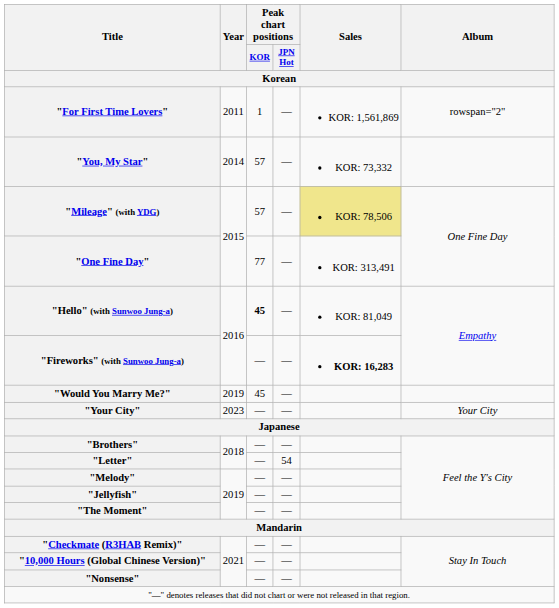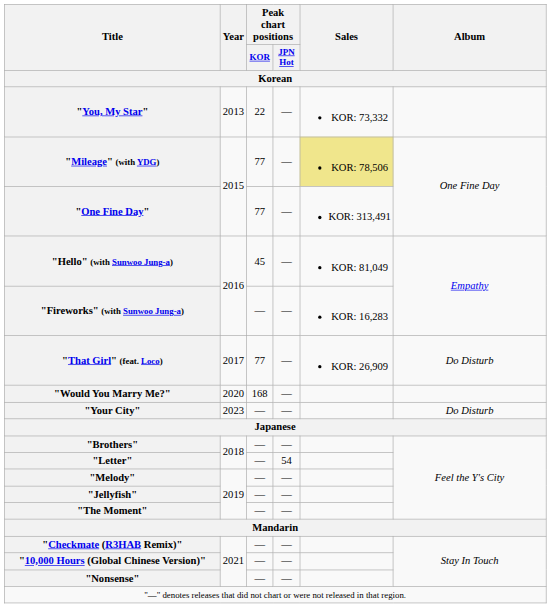 <table class="wikitable plainrowheaders" style="text-align:center;">
 <tr>
 <th rowspan="2" style="width:20em;">Title</th>
 <th rowspan="2">Year</th>
 <th colspan="2">Peak chart positions</th>
 <th rowspan="2">Sales</th>
 <th rowspan="2" style="width:14em;">Album</th>
 </tr>
 <tr>
 <th scope="col" style="width:2.5em;font-size:85%;"><a href='#'>KOR</a><br></th>
 <th scope="col" style="width:2.5em;font-size:85%;"><a href='#'>JPN<br>Hot</a><br></th>
 </tr>
 <tr>
 <th colspan="6">Korean</th>
 </tr>
 <tr>
-<th scope="row">"<a href='#'>For First Time Lovers</a>"</th>
-<td>2011</td>
-<td>1</td>
-<td>—</td>
-<td><br><ul><li>KOR: 1,561,869</li></ul></td>
-<td>rowspan="2" </td>
-</tr>
-<tr>
 <th scope="row">"<a href='#'>You, My Star</a>"</th>
-<td>2014</td>
-<td>57</td>
+<td>2013</td>
+<td>22</td>
 <td>—</td>
 <td><br><ul><li>KOR: 73,332</li></ul></td>
 </tr>
 <tr>
 <th scope="row">"<a href='#'>Mileage</a>" <small>(with <a href='#'>YDG</a>)</small></th>
 <td rowspan="2">2015</td>
-<td>57</td>
+<td>77</td>
 <td>—</td>
 <td style="background: khaki;"><br><ul><li>KOR: 78,506</li></ul></td>
 <td rowspan="2"><em>One Fine Day</em></td>
 </tr>
 <tr>
 <th scope="row">"<a href='#'>One Fine Day</a>"</th>
 <td>77</td>
 <td>—</td>
 <td><br><ul><li>KOR: 313,491</li></ul></td>
 </tr>
 <tr>
 <th scope="row">"Hello" <small>(with <a href='#'>Sunwoo Jung-a</a>)</small></th>
 <td rowspan="2">2016</td>
-<td><strong>45</strong></td>
+<td>45</td>
 <td>—</td>
 <td><br><ul><li>KOR: 81,049</li></ul></td>
 <td rowspan="2"><em><a href='#'>Empathy</a></em></td>
 </tr>
 <tr>
 <th scope="row">"Fireworks" <small>(with <a href='#'>Sunwoo Jung-a</a>)</small></th>
 <td>—</td>
 <td>—</td>
-<td><strong><br><ul><li>KOR: 16,283</li></ul></strong></td>
+<td><br><ul><li>KOR: 16,283</li></ul></td>
+</tr>
+<tr>
+<th scope="row">"<a href='#'>That Girl</a>" <small>(feat. <a href='#'>Loco</a>)</small></th>
+<td>2017</td>
+<td>77</td>
+<td>—</td>
+<td><br><ul><li>KOR: 26,909</li></ul></td>
+<td><em>Do Disturb</em></td>
 </tr>
 <tr>
 <th scope="row">"Would You Marry Me?" </th>
-<td>2019</td>
-<td>45</td>
+<td>2020</td>
+<td>168</td>
 <td>—</td>
 <td></td>
 <td></td>
 </tr>
 <tr>
 <th scope="row">"Your City"</th>
 <td>2023</td>
 <td>—</td>
 <td>—</td>
 <td></td>
-<td><em>Your City</em></td>
+<td><em>Do Disturb</em></td>
 </tr>
 <tr>
 <th colspan="6">Japanese</th>
 </tr>
 <tr>
 <th scope="row">"Brothers"</th>
 <td rowspan="2">2018</td>
 <td>—</td>
 <td>—</td>
 <td></td>
 <td rowspan="5"><em>Feel the Y's City</em></td>
 </tr>
 <tr>
 <th scope="row">"Letter"</th>
 <td>—</td>
 <td>54</td>
 <td></td>
 </tr>
 <tr>
 <th scope="row">"Melody"</th>
 <td rowspan="3">2019</td>
 <td>—</td>
 <td>—</td>
 <td></td>
 </tr>
 <tr>
 <th scope="row">"Jellyfish"</th>
 <td>—</td>
 <td>—</td>
 <td></td>
 </tr>
 <tr>
 <th scope="row">"The Moment"</th>
 <td>—</td>
 <td>—</td>
 <td></td>
 </tr>
 <tr>
 <th colspan="6">Mandarin</th>
 </tr>
 <tr>
 <th scope="row">"<a href='#'>Checkmate</a> (<a href='#'>R3HAB</a> Remix)" </th>
 <td rowspan="3">2021</td>
 <td>—</td>
 <td>—</td>
 <td></td>
 <td rowspan="3"><em>Stay In Touch</em></td>
 </tr>
 <tr>
 <th scope="row">"<a href='#'>10,000 Hours</a> (Global Chinese Version)"</th>
 <td>—</td>
 <td>—</td>
 <td></td>
 </tr>
 <tr>
 <th scope="row">"Nonsense" </th>
 <td>—</td>
 <td>—</td>
 <td></td>
 </tr>
 <tr>
 <td colspan="6"><small>"—" denotes releases that did not chart or were not released in that region.</small></td>
 </tr>
 </table>
